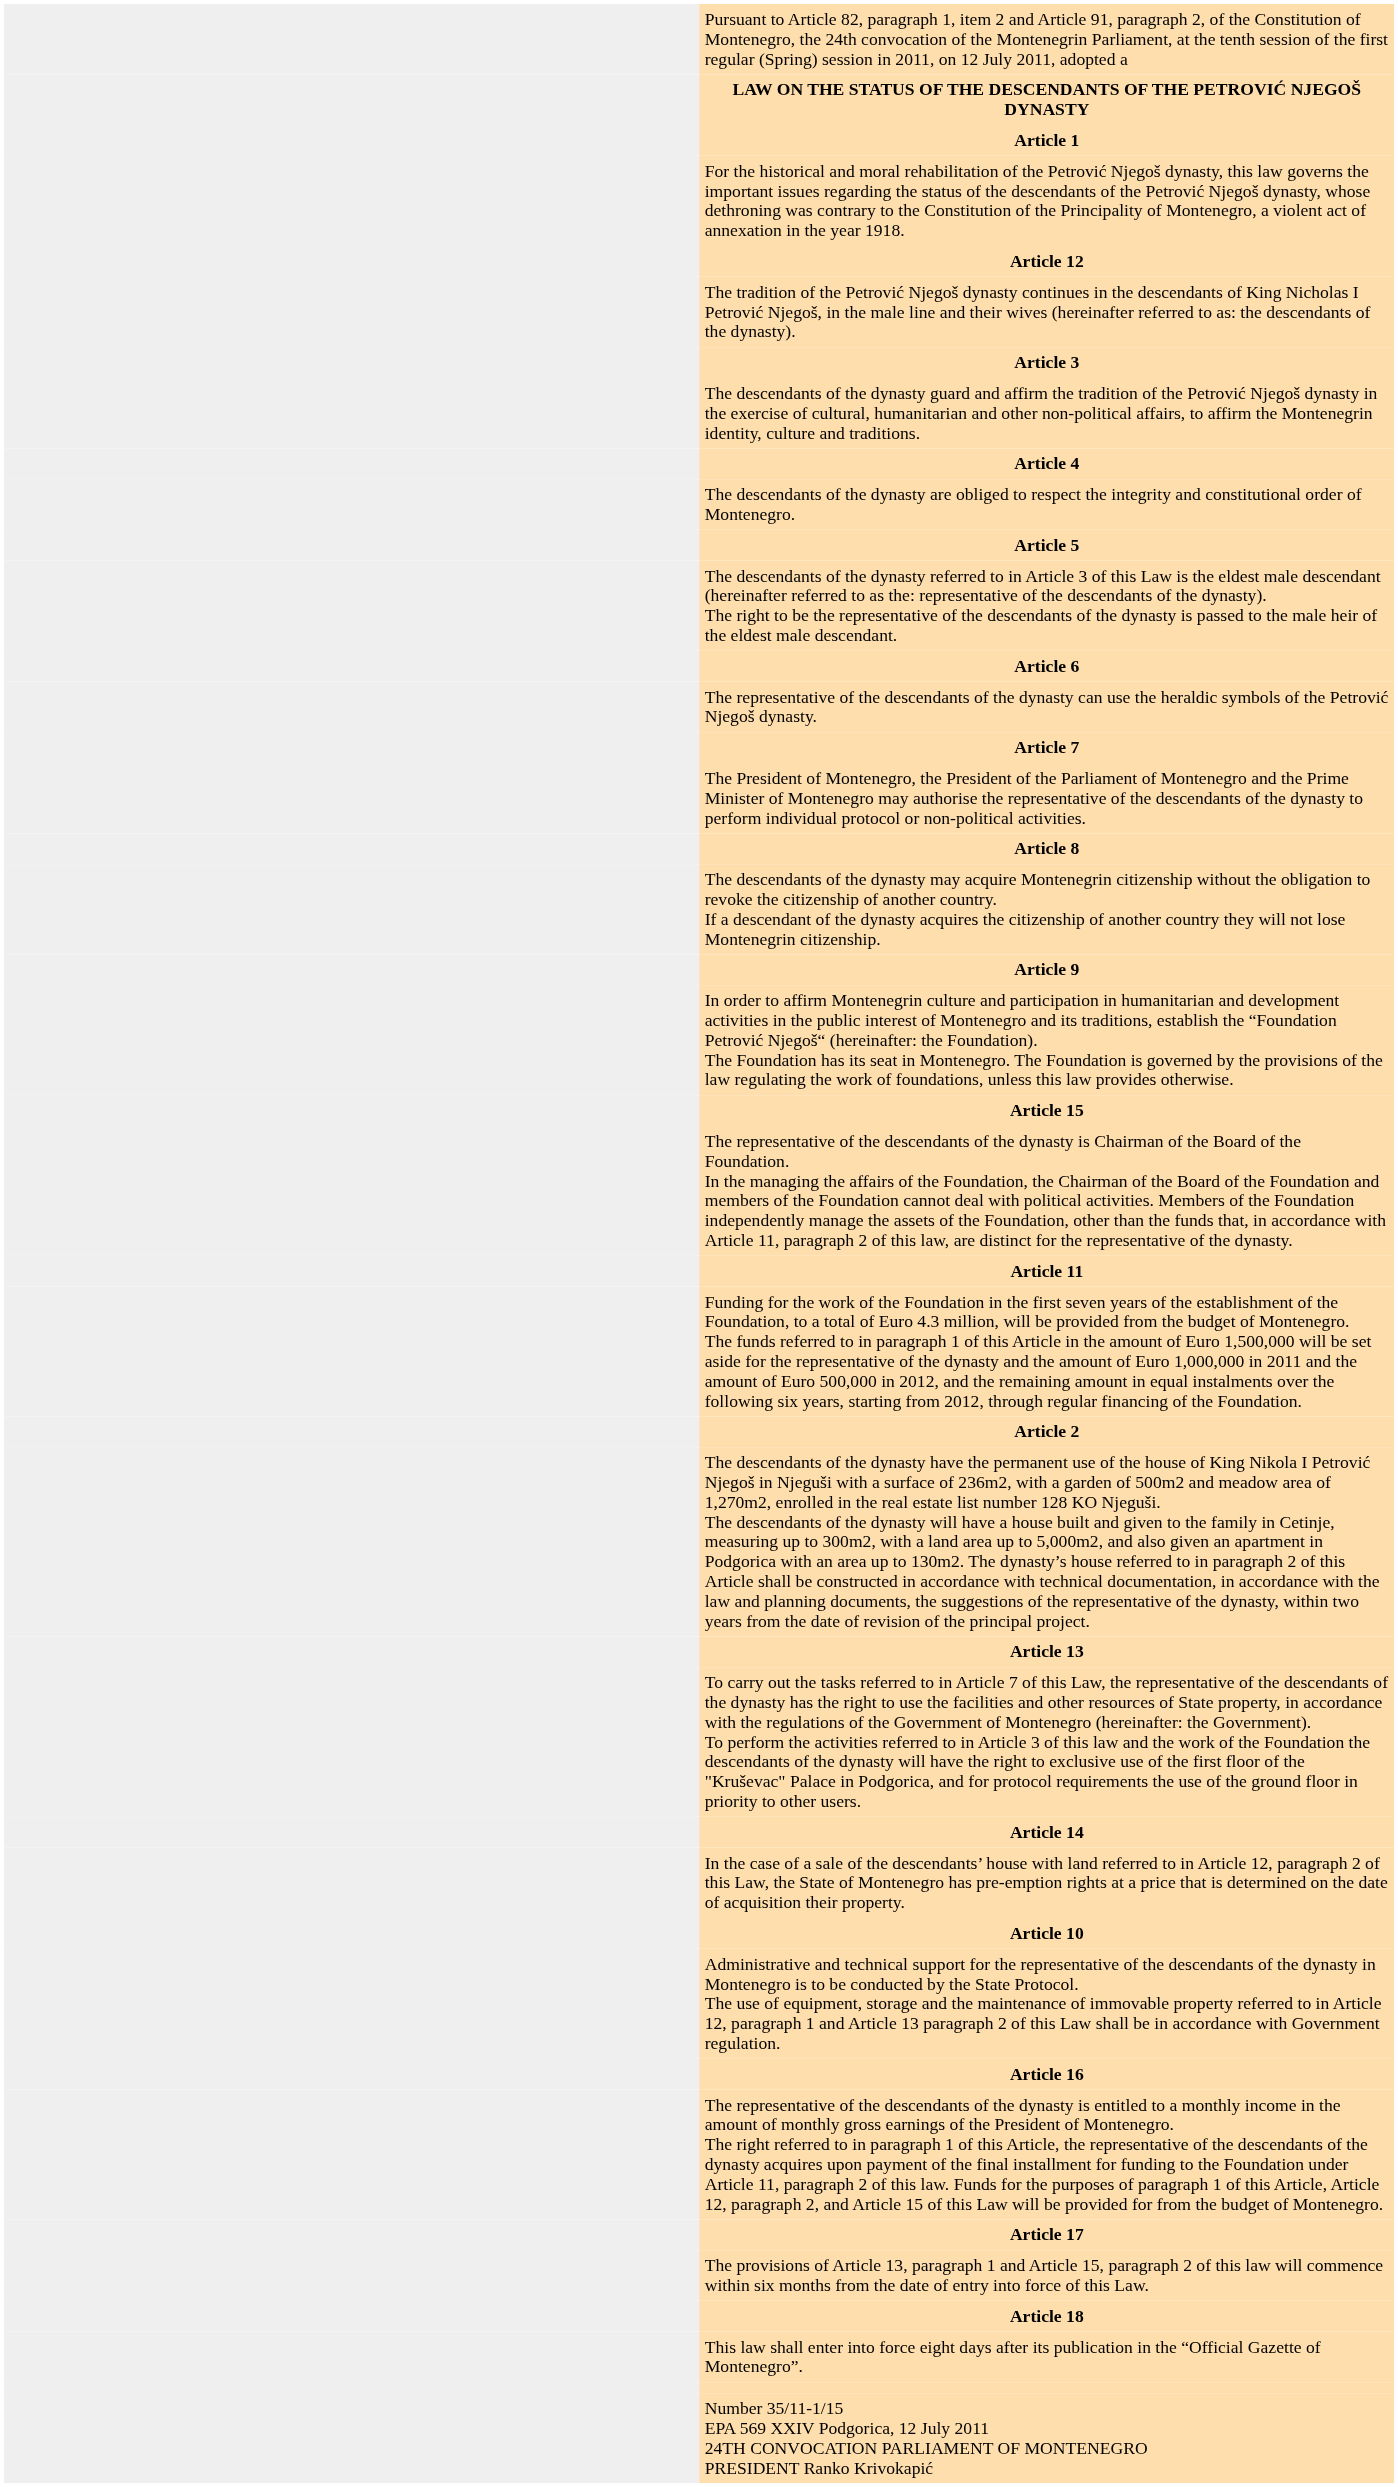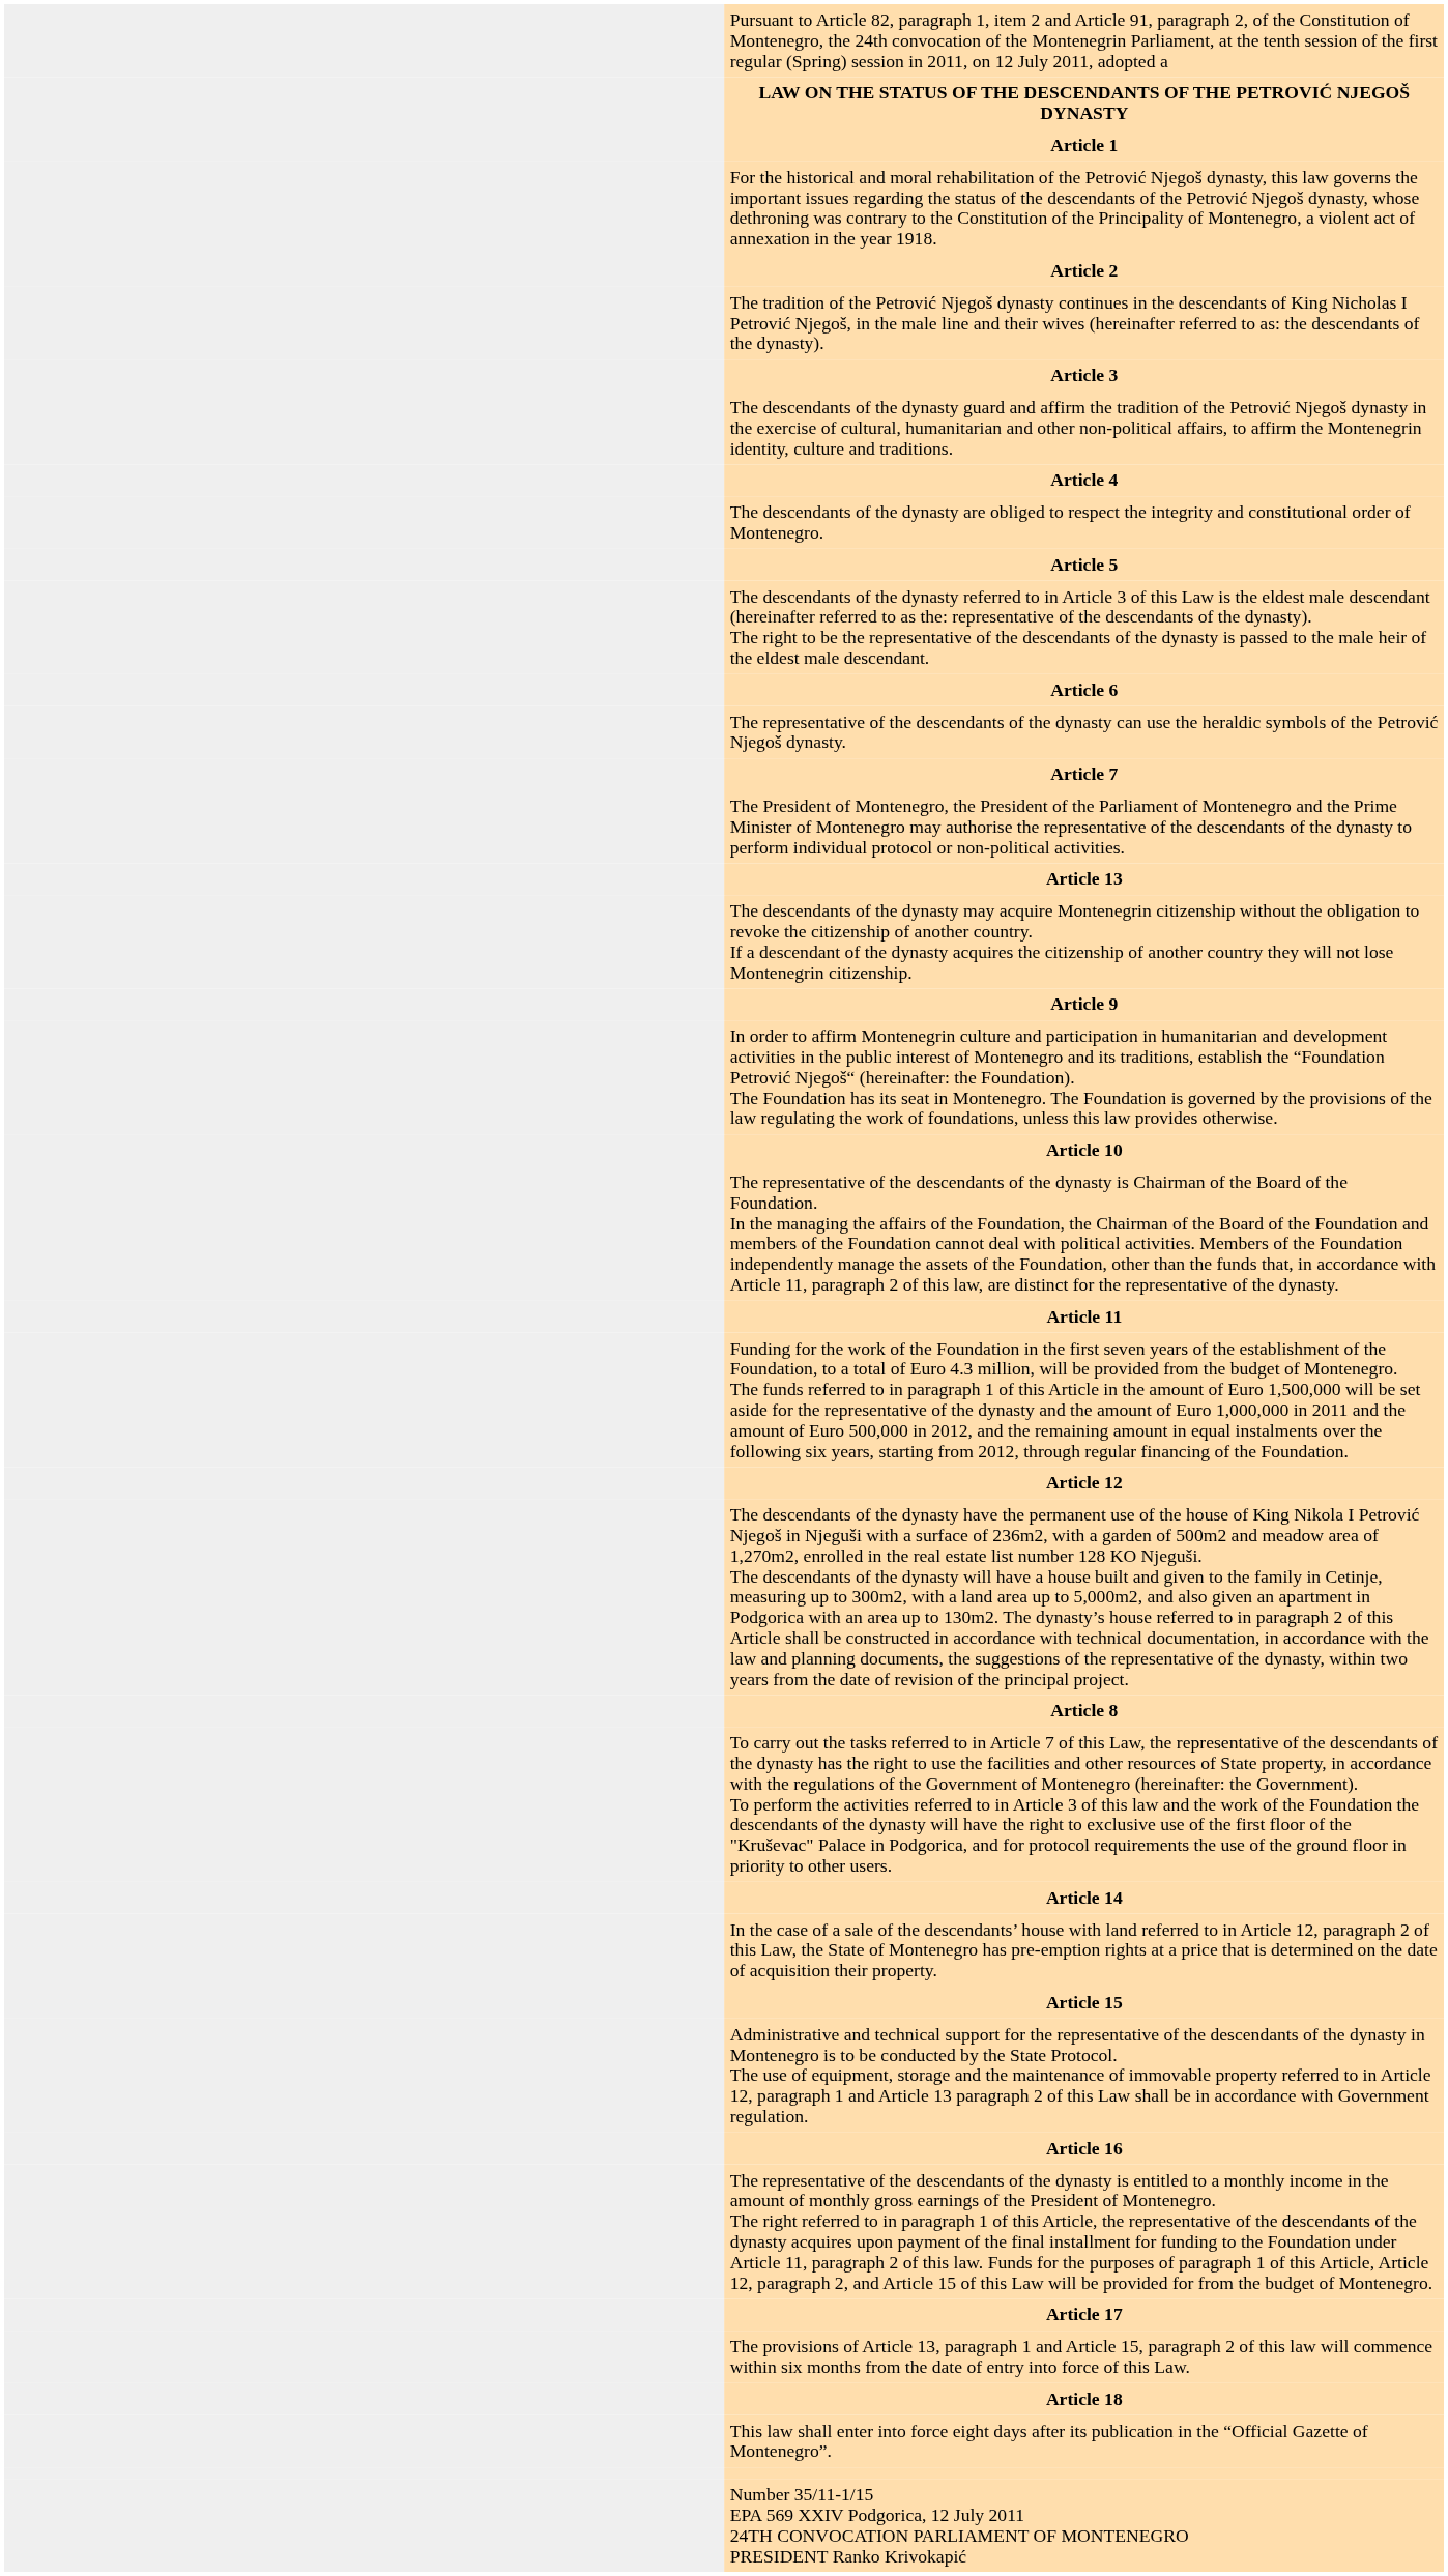 <table border="0" cellpadding="5" cellspacing="0">
 <tr>
 <td width="50%" style="background:#efefef;" valign="top" align="left"></td>
 <td width="50%" style="background:#ffdead;" valign="top" align="left">Pursuant to Article 82, paragraph 1, item 2 and Article 91, paragraph 2, of the Constitution of Montenegro, the 24th convocation of the Montenegrin Parliament, at the tenth session of the first regular (Spring) session in 2011, on 12 July 2011, adopted a</td>
 </tr>
 <tr>
 <td width="50%" style="background:#efefef;" valign="top" align="center"><strong></strong></td>
 <td width="50%" style="background:#ffdead;" valign="top" align="center"><strong>LAW ON THE STATUS OF THE DESCENDANTS OF THE PETROVIĆ NJEGOŠ DYNASTY </strong></td>
 </tr>
 <tr>
 <td width="50%" style="background:#efefef;" valign="top" align="center"><strong></strong></td>
 <td width="50%" style="background:#ffdead;" valign="top" align="center"><strong>Article 1</strong></td>
 </tr>
 <tr>
 <td width="50%" style="background:#efefef;" valign="top"></td>
 <td width="50%" style="background:#ffdead;" valign="top">For the historical and moral rehabilitation of the Petrović Njegoš dynasty, this law governs the important issues regarding the status of the descendants of the Petrović Njegoš dynasty, whose dethroning was contrary to the Constitution of the Principality of Montenegro, a violent act of annexation in the year 1918.</td>
 </tr>
 <tr>
 <td width="50%" style="background:#efefef;" valign="top" align="center"><strong></strong></td>
-<td width="50%" style="background:#ffdead;" valign="top" align="center"><strong>Article 12</strong></td>
+<td width="50%" style="background:#ffdead;" valign="top" align="center"><strong>Article 2</strong></td>
 </tr>
 <tr>
 <td width="50%" style="background:#efefef;" valign="top"></td>
 <td width="50%" style="background:#ffdead;" valign="top">The tradition of the Petrović Njegoš dynasty continues in the descendants of King Nicholas I Petrović Njegoš, in the male line and their wives (hereinafter referred to as: the descendants of the dynasty).</td>
 </tr>
 <tr>
 <td width="50%" style="background:#efefef;" valign="top" align="center"><strong></strong></td>
 <td width="50%" style="background:#ffdead;" valign="top" align="center"><strong>Article 3</strong></td>
 </tr>
 <tr>
 <td width="50%" style="background:#efefef;" valign="top"></td>
 <td width="50%" style="background:#ffdead;" valign="top">The descendants of the dynasty guard and affirm the tradition of the Petrović Njegoš dynasty in the exercise of cultural, humanitarian and other non-political affairs, to affirm the Montenegrin identity, culture and traditions.</td>
 </tr>
 <tr>
 <td width="50%" style="background:#efefef;" valign="top" align="center"><strong></strong></td>
 <td width="50%" style="background:#ffdead;" valign="top" align="center"><strong>Article 4</strong></td>
 </tr>
 <tr>
 <td width="50%" style="background:#efefef;" valign="top"></td>
 <td width="50%" style="background:#ffdead;" valign="top">The descendants of the dynasty are obliged to respect the integrity and constitutional order of Montenegro.</td>
 </tr>
 <tr>
 <td width="50%" style="background:#efefef;" valign="top" align="center"><strong></strong></td>
 <td width="50%" style="background:#ffdead;" valign="top" align="center"><strong>Article 5</strong></td>
 </tr>
 <tr>
 <td width="50%" style="background:#efefef;" valign="top"></td>
 <td width="50%" style="background:#ffdead;" valign="top">The descendants of the dynasty referred to in Article 3 of this Law is the eldest male descendant (hereinafter referred to as the: representative of the descendants of the dynasty).<br>	The right to be the representative of the descendants of the dynasty is passed to the male heir of the eldest male descendant.</td>
 </tr>
 <tr>
 <td width="50%" style="background:#efefef;" valign="top" align="center"><strong></strong></td>
 <td width="50%" style="background:#ffdead;" valign="top" align="center"><strong>Article 6</strong></td>
 </tr>
 <tr>
 <td width="50%" style="background:#efefef;" valign="top"></td>
 <td width="50%" style="background:#ffdead;" valign="top">The representative of the descendants of the dynasty can use the heraldic symbols of the Petrović Njegoš dynasty.</td>
 </tr>
 <tr>
 <td width="50%" style="background:#efefef;" valign="top" align="center"><strong></strong></td>
 <td width="50%" style="background:#ffdead;" valign="top" align="center"><strong>Article 7</strong></td>
 </tr>
 <tr>
 <td width="50%" style="background:#efefef;" valign="top"></td>
 <td width="50%" style="background:#ffdead;" valign="top">The President of Montenegro, the President of the Parliament of Montenegro and the Prime Minister of Montenegro may authorise the representative of the descendants of the dynasty to perform individual protocol or non-political activities.</td>
 </tr>
 <tr>
 <td width="50%" style="background:#efefef;" valign="top" align="center"><strong></strong></td>
-<td width="50%" style="background:#ffdead;" valign="top" align="center"><strong>Article 8</strong></td>
+<td width="50%" style="background:#ffdead;" valign="top" align="center"><strong>Article 13</strong></td>
 </tr>
 <tr>
 <td width="50%" style="background:#efefef;" valign="top"></td>
 <td width="50%" style="background:#ffdead;" valign="top">The descendants of the dynasty may acquire Montenegrin citizenship without the obligation to revoke the citizenship of another country.<br>	If a descendant of the dynasty acquires the citizenship of another country they will not lose Montenegrin citizenship.</td>
 </tr>
 <tr>
 <td width="50%" style="background:#efefef;" valign="top" align="center"><strong></strong></td>
 <td width="50%" style="background:#ffdead;" valign="top" align="center"><strong>Article 9</strong></td>
 </tr>
 <tr>
 <td width="50%" style="background:#efefef;" valign="top"></td>
 <td width="50%" style="background:#ffdead;" valign="top">In order to affirm Montenegrin culture and participation in humanitarian and development activities in the public interest of Montenegro and its traditions, establish the “Foundation Petrović Njegoš“ (hereinafter: the Foundation).<br>	The Foundation has its seat in Montenegro. 	The Foundation is governed by the provisions of the law regulating the work of foundations, unless this law provides otherwise.</td>
 </tr>
 <tr>
 <td width="50%" style="background:#efefef;" valign="top" align="center"><strong></strong></td>
-<td width="50%" style="background:#ffdead;" valign="top" align="center"><strong>Article 15</strong></td>
+<td width="50%" style="background:#ffdead;" valign="top" align="center"><strong>Article 10</strong></td>
 </tr>
 <tr>
 <td width="50%" style="background:#efefef;" valign="top"></td>
 <td width="50%" style="background:#ffdead;" valign="top">The representative of the descendants of the dynasty is Chairman of the Board of the Foundation.<br>	In the managing the affairs of the Foundation, the Chairman of the Board of the Foundation and members of the Foundation cannot deal with political activities. 	Members of the Foundation independently manage the assets of the Foundation, other than the funds that, in accordance with Article 11, paragraph 2 of this law, are distinct for the representative of the dynasty.</td>
 </tr>
 <tr>
 <td width="50%" style="background:#efefef;" valign="top" align="center"><strong></strong></td>
 <td width="50%" style="background:#ffdead;" valign="top" align="center"><strong>Article 11</strong></td>
 </tr>
 <tr>
 <td width="50%" style="background:#efefef;" valign="top"></td>
 <td width="50%" style="background:#ffdead;" valign="top">Funding for the work of the Foundation in the first seven years of the establishment of the Foundation, to a total of Euro 4.3 million, will be provided from the budget of Montenegro.<br>	The funds referred to in paragraph 1 of this Article in the amount of Euro 1,500,000 will be set aside for the representative of the dynasty and the amount of Euro 1,000,000 in 2011 and the amount of Euro 500,000 in 2012, and the remaining amount in equal instalments over the following six years, starting from 2012, through regular financing of the Foundation.</td>
 </tr>
 <tr>
 <td width="50%" style="background:#efefef;" valign="top" align="center"><strong></strong></td>
-<td width="50%" style="background:#ffdead;" valign="top" align="center"><strong>Article 2</strong></td>
+<td width="50%" style="background:#ffdead;" valign="top" align="center"><strong>Article 12</strong></td>
 </tr>
 <tr>
 <td width="50%" style="background:#efefef;" valign="top"></td>
 <td width="50%" style="background:#ffdead;" valign="top">The descendants of the dynasty have the permanent use of the house of King Nikola I Petrović Njegoš in Njeguši with a surface of 236m2, with a garden of 500m2 and meadow area of 1,270m2, enrolled in the real estate list number 128 KO Njeguši.<br>	The descendants of the dynasty will have a house built and given to the family in Cetinje, measuring up to 300m2, with a land area up to 5,000m2, and also given an apartment in Podgorica with an area up to 130m2. 	The dynasty’s house referred to in paragraph 2 of this Article shall be constructed in accordance with technical documentation, in accordance with the law and planning documents, the suggestions of the representative of the dynasty, within two years from the date of revision of the principal project.</td>
 </tr>
 <tr>
 <td width="50%" style="background:#efefef;" valign="top" align="center"><strong></strong></td>
-<td width="50%" style="background:#ffdead;" valign="top" align="center"><strong>Article 13</strong></td>
+<td width="50%" style="background:#ffdead;" valign="top" align="center"><strong>Article 8</strong></td>
 </tr>
 <tr>
 <td width="50%" style="background:#efefef;" valign="top"></td>
 <td width="50%" style="background:#ffdead;" valign="top">To carry out the tasks referred to in Article 7 of this Law, the representative of the descendants of the dynasty has the right to use the facilities and other resources of State property, in accordance with the regulations of the Government of Montenegro (hereinafter: the Government).<br>	To perform the activities referred to in Article 3 of this law and the work of the Foundation the descendants of the dynasty will have the right to exclusive use of the first floor of the "Kruševac" Palace in Podgorica, and for protocol requirements the use of the ground floor in priority to other users.</td>
 </tr>
 <tr>
 <td width="50%" style="background:#efefef;" valign="top" align="center"><strong></strong></td>
 <td width="50%" style="background:#ffdead;" valign="top" align="center"><strong>Article 14</strong></td>
 </tr>
 <tr>
 <td width="50%" style="background:#efefef;" valign="top"></td>
 <td width="50%" style="background:#ffdead;" valign="top">In the case of a sale of the descendants’ house with land referred to in Article 12, paragraph 2 of this Law, the State of Montenegro has pre-emption rights at a price that is determined on the date of acquisition their property.</td>
 </tr>
 <tr>
 <td width="50%" style="background:#efefef;" valign="top" align="center"><strong></strong></td>
-<td width="50%" style="background:#ffdead;" valign="top" align="center"><strong>Article 10</strong></td>
+<td width="50%" style="background:#ffdead;" valign="top" align="center"><strong>Article 15</strong></td>
 </tr>
 <tr>
 <td width="50%" style="background:#efefef;" valign="top"></td>
 <td width="50%" style="background:#ffdead;" valign="top">Administrative and technical support for the representative of the descendants of the dynasty in Montenegro is to be conducted by the State Protocol.<br>	The use of equipment, storage and the maintenance of immovable property referred to in Article 12, paragraph 1 and Article 13 paragraph 2 of this Law shall be in accordance with Government regulation.</td>
 </tr>
 <tr>
 <td width="50%" style="background:#efefef;" valign="top" align="center"><strong></strong></td>
 <td width="50%" style="background:#ffdead;" valign="top" align="center"><strong>Article 16</strong></td>
 </tr>
 <tr>
 <td width="50%" style="background:#efefef;" valign="top"></td>
 <td width="50%" style="background:#ffdead;" valign="top">The representative of the descendants of the dynasty is entitled to a monthly income in the amount of monthly gross earnings of the President of Montenegro.<br>	The right referred to in paragraph 1 of this Article, the representative of the descendants of the dynasty acquires upon payment of the final installment for funding to the Foundation under Article 11, paragraph 2 of this law. 	Funds for the purposes of paragraph 1 of this Article, Article 12, paragraph 2, and Article 15 of this Law will be provided for from the budget of Montenegro.</td>
 </tr>
 <tr>
 <td width="50%" style="background:#efefef;" valign="top" align="center"><strong></strong></td>
 <td width="50%" style="background:#ffdead;" valign="top" align="center"><strong>Article 17</strong></td>
 </tr>
 <tr>
 <td width="50%" style="background:#efefef;" valign="top"></td>
 <td width="50%" style="background:#ffdead;" valign="top">The provisions of Article 13, paragraph 1 and Article 15, paragraph 2 of this law will commence within six months from the date of entry into force of this Law.</td>
 </tr>
 <tr>
 <td width="50%" style="background:#efefef;" valign="top" align="center"><strong></strong></td>
 <td width="50%" style="background:#ffdead;" valign="top" align="center"><strong>Article 18</strong></td>
 </tr>
 <tr>
 <td width="50%" style="background:#efefef;" valign="top"></td>
 <td width="50%" style="background:#ffdead;" valign="top">This law shall enter into force eight days after its publication in the “Official Gazette of Montenegro”.</td>
 </tr>
 <tr>
 <td width="50%" style="background:#efefef;" valign="top"></td>
 <td width="50%" style="background:#ffdead;" valign="top"></td>
 </tr>
 <tr>
 <td width="50%" style="background:#efefef;" valign="top"></td>
 <td width="50%" style="background:#ffdead;" valign="top">Number 35/11-1/15<br>EPA 569 XXIV Podgorica, 12 July 2011<br>24TH CONVOCATION PARLIAMENT OF MONTENEGRO<br>PRESIDENT Ranko Krivokapić</td>
 </tr>
 </table>
